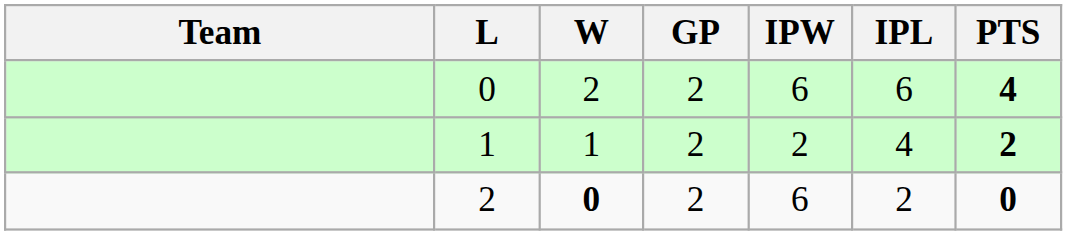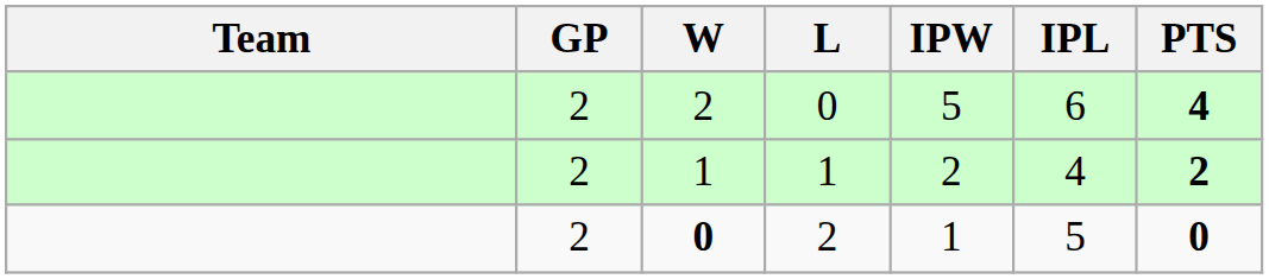 <table class="wikitable" style="text-align: center">
 <tr>
 <th style="width: 188px">Team</th>
+<th style="width: 40px">GP</th>
+<th style="width: 40px">W</th>
 <th style="width: 40px">L</th>
-<th style="width: 40px">W</th>
-<th style="width: 40px">GP</th>
 <th style="width: 40px">IPW</th>
 <th style="width: 40px">IPL</th>
 <th style="width: 40px">PTS</th>
 </tr>
 <tr style="background: #ccffcc">
 <td style="text-align: left"></td>
-<td>0</td>
 <td>2</td>
 <td>2</td>
-<td>6</td>
+<td>0</td>
+<td>5</td>
 <td>6</td>
 <td><strong>4</strong></td>
 </tr>
 <tr style="background: #ccffcc">
 <td style="text-align: left"></td>
+<td>2</td>
 <td>1</td>
 <td>1</td>
-<td>2</td>
 <td>2</td>
 <td>4</td>
 <td><strong>2</strong></td>
 </tr>
 <tr>
 <td style="text-align: left"></td>
 <td>2</td>
 <td><strong>0</strong></td>
 <td>2</td>
-<td>6</td>
-<td>2</td>
+<td>1</td>
+<td>5</td>
 <td><strong>0</strong></td>
 </tr>
 </table>
